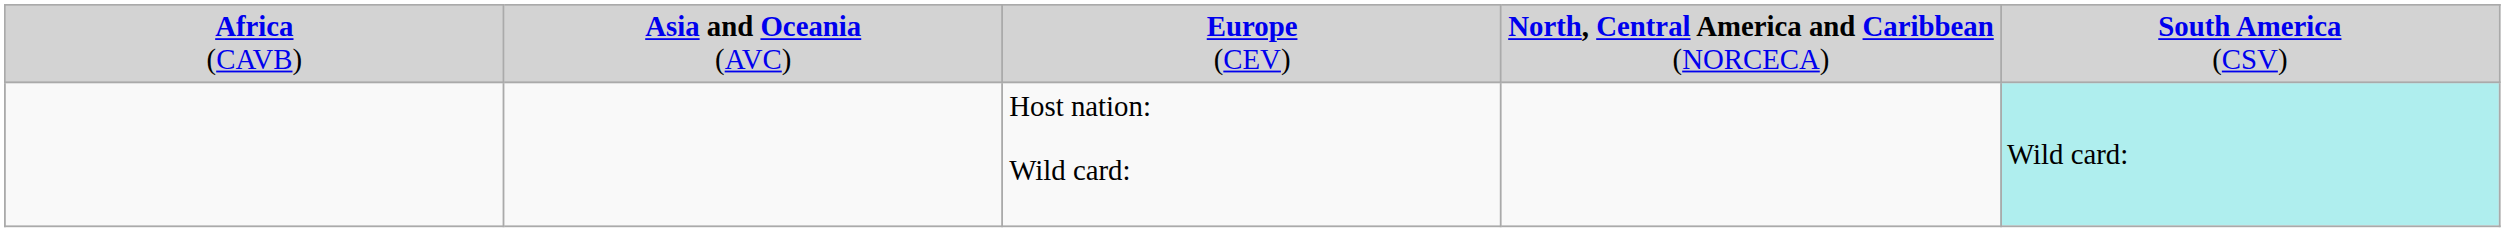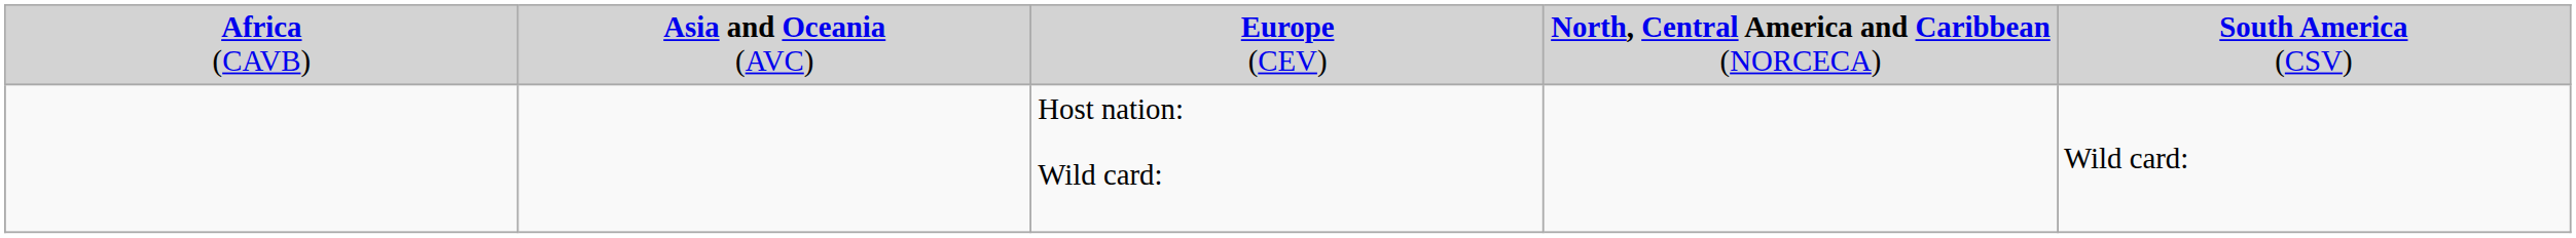 <table class="wikitable">
 <tr style="background:Lightgrey;">
 <td style="width:20%; text-align:center;"><strong><a href='#'>Africa</a></strong><br>(<a href='#'>CAVB</a>)</td>
 <td style="width:20%; text-align:center;"><strong><a href='#'>Asia</a> and <a href='#'>Oceania</a></strong><br>(<a href='#'>AVC</a>)</td>
 <td style="width:20%; text-align:center;"><strong><a href='#'>Europe</a></strong><br>(<a href='#'>CEV</a>)</td>
 <td style="width:20%; text-align:center;"><strong><a href='#'>North</a>, <a href='#'>Central</a> America and <a href='#'>Caribbean</a></strong><br>(<a href='#'>NORCECA</a>)</td>
 <td style="width:20%; text-align:center;"><strong><a href='#'>South America</a><br></strong>(<a href='#'>CSV</a>)</td>
 </tr>
 <tr>
 <td></td>
 <td></td>
 <td>Host nation: <br><br>Wild card: <br><br></td>
 <td></td>
-<td style="background: paleturquoise;">Wild card: <br></td>
+<td>Wild card: <br></td>
 </tr>
 </table>
